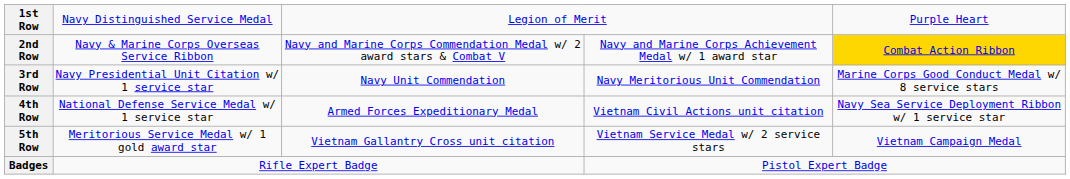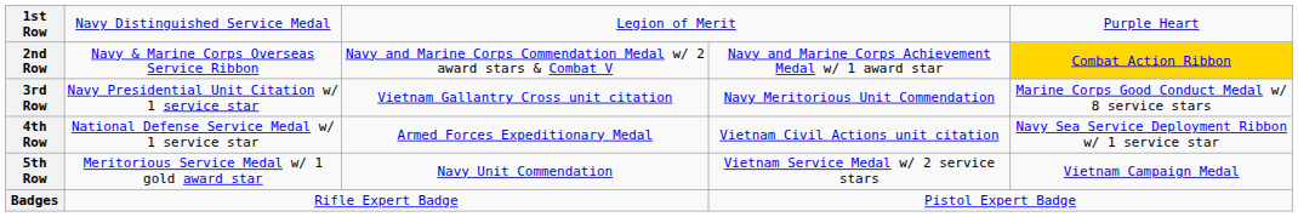 <table class="wikitable" style="margin:1em auto; text-align:center;">
 <tr>
 <th>1st Row</th>
 <td colspan="1" align="center"><a href='#'>Navy Distinguished Service Medal</a></td>
 <td colspan="2" align="center"><a href='#'>Legion of Merit</a></td>
 <td colspan="1" align="center"><a href='#'>Purple Heart</a></td>
 </tr>
 <tr>
 <th>2nd Row</th>
 <td><a href='#'>Navy & Marine Corps Overseas Service Ribbon</a></td>
 <td><a href='#'>Navy and Marine Corps Commendation Medal</a> w/ 2 award stars & <a href='#'>Combat V</a></td>
 <td><a href='#'>Navy and Marine Corps Achievement Medal</a> w/ 1 award star</td>
 <td style="background: gold;"><a href='#'>Combat Action Ribbon</a></td>
 </tr>
 <tr>
 <th>3rd Row</th>
 <td><a href='#'>Navy Presidential Unit Citation</a> w/ 1 <a href='#'>service star</a></td>
-<td><a href='#'>Navy Unit Commendation</a></td>
+<td><a href='#'>Vietnam Gallantry Cross unit citation</a></td>
 <td><a href='#'>Navy Meritorious Unit Commendation</a></td>
 <td><a href='#'>Marine Corps Good Conduct Medal</a> w/ 8 service stars</td>
 </tr>
 <tr>
 <th>4th Row</th>
 <td><a href='#'>National Defense Service Medal</a> w/ 1 service star</td>
 <td><a href='#'>Armed Forces Expeditionary Medal</a></td>
 <td><a href='#'>Vietnam Civil Actions unit citation</a></td>
 <td><a href='#'>Navy Sea Service Deployment Ribbon</a> w/ 1 service star</td>
 </tr>
 <tr>
 <th>5th Row</th>
 <td><a href='#'>Meritorious Service Medal</a> w/ 1 gold <a href='#'>award star</a></td>
-<td><a href='#'>Vietnam Gallantry Cross unit citation</a></td>
+<td><a href='#'>Navy Unit Commendation</a></td>
 <td><a href='#'>Vietnam Service Medal</a> w/ 2 service stars</td>
 <td><a href='#'>Vietnam Campaign Medal</a></td>
 </tr>
 <tr>
 <th>Badges</th>
 <td colspan="2"><a href='#'>Rifle Expert Badge</a></td>
 <td colspan="2"><a href='#'>Pistol Expert Badge</a></td>
 </tr>
 </table>
